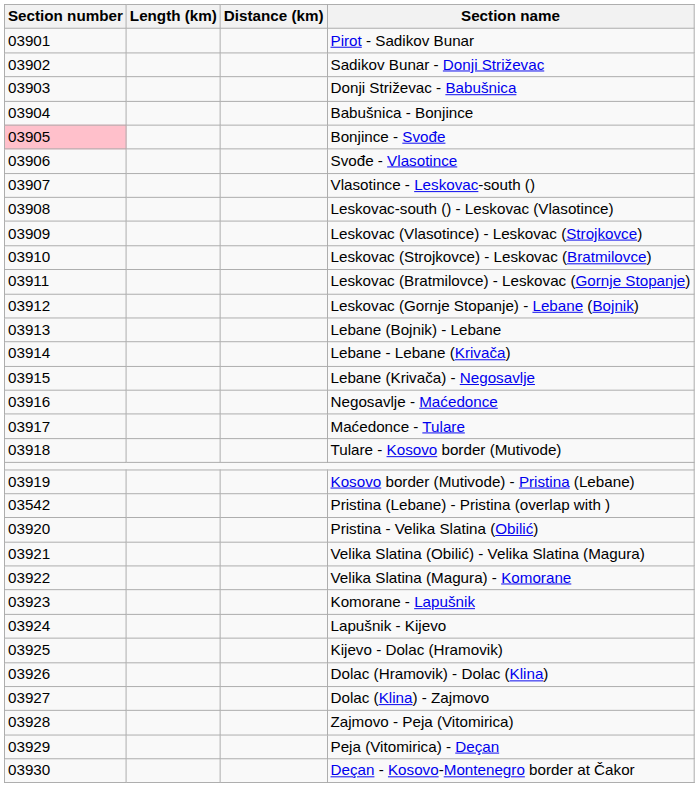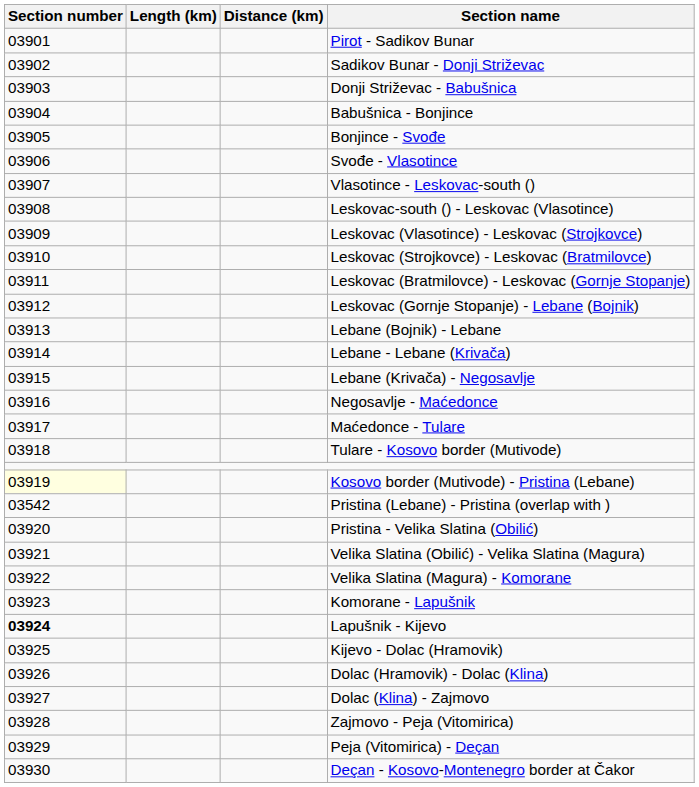 <table class="wikitable">
 <tr>
 <th>Section number</th>
 <th>Length (km)</th>
 <th>Distance (km)</th>
 <th>Section name</th>
 </tr>
 <tr>
 <td>03901</td>
 <td></td>
 <td></td>
 <td><a href='#'>Pirot</a> - Sadikov Bunar</td>
 </tr>
 <tr>
 <td>03902</td>
 <td></td>
 <td></td>
 <td>Sadikov Bunar - <a href='#'>Donji Striževac</a></td>
 </tr>
 <tr>
 <td>03903</td>
 <td></td>
 <td></td>
 <td>Donji Striževac - <a href='#'>Babušnica</a></td>
 </tr>
 <tr>
 <td>03904</td>
 <td></td>
 <td></td>
 <td>Babušnica - Bonjince</td>
 </tr>
 <tr>
-<td style="background: pink;">03905</td>
+<td>03905</td>
 <td></td>
 <td></td>
 <td>Bonjince - <a href='#'>Svođe</a></td>
 </tr>
 <tr>
 <td>03906</td>
 <td></td>
 <td></td>
 <td>Svođe - <a href='#'>Vlasotince</a></td>
 </tr>
 <tr>
 <td>03907</td>
 <td></td>
 <td></td>
 <td>Vlasotince - <a href='#'>Leskovac</a>-south ()</td>
 </tr>
 <tr>
 <td>03908</td>
 <td></td>
 <td></td>
 <td>Leskovac-south () - Leskovac (Vlasotince)</td>
 </tr>
 <tr>
 <td>03909</td>
 <td></td>
 <td></td>
 <td>Leskovac (Vlasotince) - Leskovac (<a href='#'>Strojkovce</a>)</td>
 </tr>
 <tr>
 <td>03910</td>
 <td></td>
 <td></td>
 <td>Leskovac (Strojkovce) - Leskovac (<a href='#'>Bratmilovce</a>)</td>
 </tr>
 <tr>
 <td>03911</td>
 <td></td>
 <td></td>
 <td>Leskovac (Bratmilovce) - Leskovac (<a href='#'>Gornje Stopanje</a>)</td>
 </tr>
 <tr>
 <td>03912</td>
 <td></td>
 <td></td>
 <td>Leskovac (Gornje Stopanje) - <a href='#'>Lebane</a> (<a href='#'>Bojnik</a>)</td>
 </tr>
 <tr>
 <td>03913</td>
 <td></td>
 <td></td>
 <td>Lebane (Bojnik) - Lebane</td>
 </tr>
 <tr>
 <td>03914</td>
 <td></td>
 <td></td>
 <td>Lebane - Lebane (<a href='#'>Krivača</a>)</td>
 </tr>
 <tr>
 <td>03915</td>
 <td></td>
 <td></td>
 <td>Lebane (Krivača) - <a href='#'>Negosavlje</a></td>
 </tr>
 <tr>
 <td>03916</td>
 <td></td>
 <td></td>
 <td>Negosavlje - <a href='#'>Maćedonce</a></td>
 </tr>
 <tr>
 <td>03917</td>
 <td></td>
 <td></td>
 <td>Maćedonce - <a href='#'>Tulare</a></td>
 </tr>
 <tr>
 <td>03918</td>
 <td></td>
 <td></td>
 <td>Tulare - <a href='#'>Kosovo</a> border (Mutivode)</td>
 </tr>
 <tr>
 <td colspan="4"></td>
 </tr>
 <tr>
-<td>03919</td>
+<td style="background: lightyellow;">03919</td>
 <td></td>
 <td></td>
 <td><a href='#'>Kosovo</a> border (Mutivode) - <a href='#'>Pristina</a> (Lebane)</td>
 </tr>
 <tr>
 <td>03542</td>
 <td></td>
 <td></td>
 <td>Pristina (Lebane) - Pristina (overlap with )</td>
 </tr>
 <tr>
 <td>03920</td>
 <td></td>
 <td></td>
 <td>Pristina  - Velika Slatina (<a href='#'>Obilić</a>)</td>
 </tr>
 <tr>
 <td>03921</td>
 <td></td>
 <td></td>
 <td>Velika Slatina (Obilić) - Velika Slatina (Magura)</td>
 </tr>
 <tr>
 <td>03922</td>
 <td></td>
 <td></td>
 <td>Velika Slatina (Magura) - <a href='#'>Komorane</a></td>
 </tr>
 <tr>
 <td>03923</td>
 <td></td>
 <td></td>
 <td>Komorane - <a href='#'>Lapušnik</a></td>
 </tr>
 <tr>
-<td>03924</td>
+<td><strong>03924</strong></td>
 <td></td>
 <td></td>
 <td>Lapušnik - Kijevo</td>
 </tr>
 <tr>
 <td>03925</td>
 <td></td>
 <td></td>
 <td>Kijevo - Dolac (Hramovik)</td>
 </tr>
 <tr>
 <td>03926</td>
 <td></td>
 <td></td>
 <td>Dolac (Hramovik) - Dolac (<a href='#'>Klina</a>)</td>
 </tr>
 <tr>
 <td>03927</td>
 <td></td>
 <td></td>
 <td>Dolac (<a href='#'>Klina</a>) - Zajmovo</td>
 </tr>
 <tr>
 <td>03928</td>
 <td></td>
 <td></td>
 <td>Zajmovo - Peja (Vitomirica)</td>
 </tr>
 <tr>
 <td>03929</td>
 <td></td>
 <td></td>
 <td>Peja (Vitomirica) - <a href='#'>Deçan</a></td>
 </tr>
 <tr>
 <td>03930</td>
 <td></td>
 <td></td>
 <td><a href='#'>Deçan</a> - <a href='#'>Kosovo</a>-<a href='#'>Montenegro</a> border at Čakor</td>
 </tr>
 </table>
